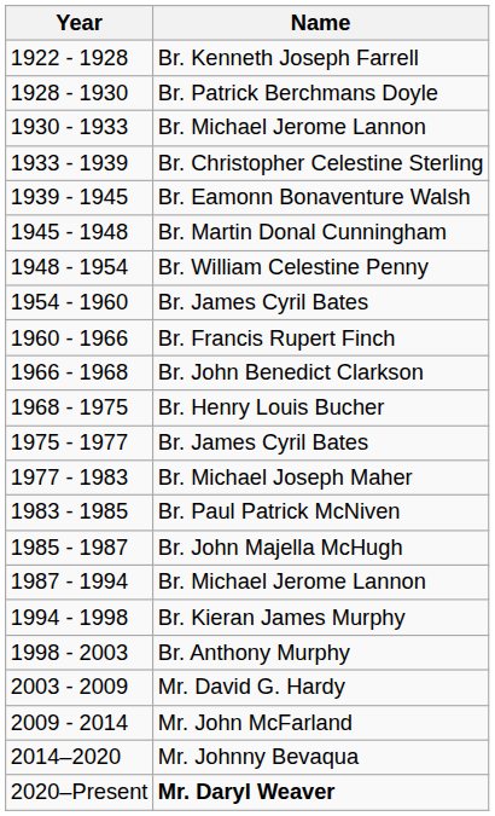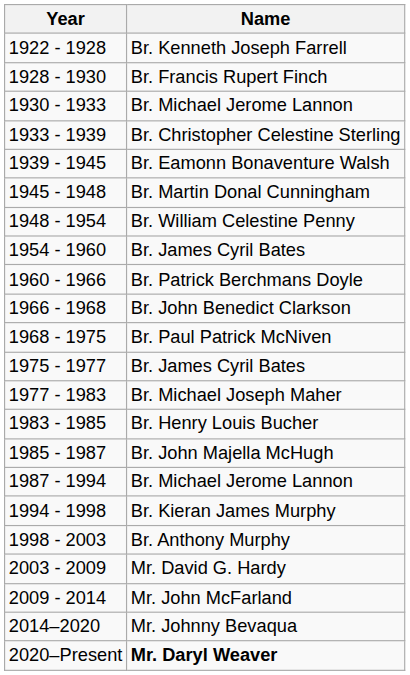 <table class="wikitable collapsible collapsed">
 <tr>
 <th>Year</th>
 <th>Name</th>
 </tr>
 <tr>
 <td>1922 - 1928</td>
 <td>Br. Kenneth Joseph Farrell</td>
 </tr>
 <tr>
 <td>1928 - 1930</td>
-<td>Br. Patrick Berchmans Doyle</td>
+<td>Br. Francis Rupert Finch</td>
 </tr>
 <tr>
 <td>1930 - 1933</td>
 <td>Br. Michael Jerome Lannon</td>
 </tr>
 <tr>
 <td>1933 - 1939</td>
 <td>Br. Christopher Celestine Sterling</td>
 </tr>
 <tr>
 <td>1939 - 1945</td>
 <td>Br. Eamonn Bonaventure Walsh</td>
 </tr>
 <tr>
 <td>1945 - 1948</td>
 <td>Br. Martin Donal Cunningham</td>
 </tr>
 <tr>
 <td>1948 - 1954</td>
 <td>Br. William Celestine Penny</td>
 </tr>
 <tr>
 <td>1954 - 1960</td>
 <td>Br. James Cyril Bates</td>
 </tr>
 <tr>
 <td>1960 - 1966</td>
-<td>Br. Francis Rupert Finch</td>
+<td>Br. Patrick Berchmans Doyle</td>
 </tr>
 <tr>
 <td>1966 - 1968</td>
 <td>Br. John Benedict Clarkson</td>
 </tr>
 <tr>
 <td>1968 - 1975</td>
-<td>Br. Henry Louis Bucher</td>
+<td>Br. Paul Patrick McNiven</td>
 </tr>
 <tr>
 <td>1975 - 1977</td>
 <td>Br. James Cyril Bates</td>
 </tr>
 <tr>
 <td>1977 - 1983</td>
 <td>Br. Michael Joseph Maher</td>
 </tr>
 <tr>
 <td>1983 - 1985</td>
-<td>Br. Paul Patrick McNiven</td>
+<td>Br. Henry Louis Bucher</td>
 </tr>
 <tr>
 <td>1985 - 1987</td>
 <td>Br. John Majella McHugh</td>
 </tr>
 <tr>
 <td>1987 - 1994</td>
 <td>Br. Michael Jerome Lannon</td>
 </tr>
 <tr>
 <td>1994 - 1998</td>
 <td>Br. Kieran James Murphy</td>
 </tr>
 <tr>
 <td>1998 - 2003</td>
 <td>Br. Anthony Murphy</td>
 </tr>
 <tr>
 <td>2003 - 2009</td>
 <td>Mr. David G. Hardy</td>
 </tr>
 <tr>
 <td>2009 - 2014</td>
 <td>Mr. John McFarland</td>
 </tr>
 <tr>
 <td>2014–2020</td>
 <td>Mr. Johnny Bevaqua</td>
 </tr>
 <tr>
 <td>2020–Present</td>
 <td><strong>Mr. Daryl Weaver</strong></td>
 </tr>
 </table>
